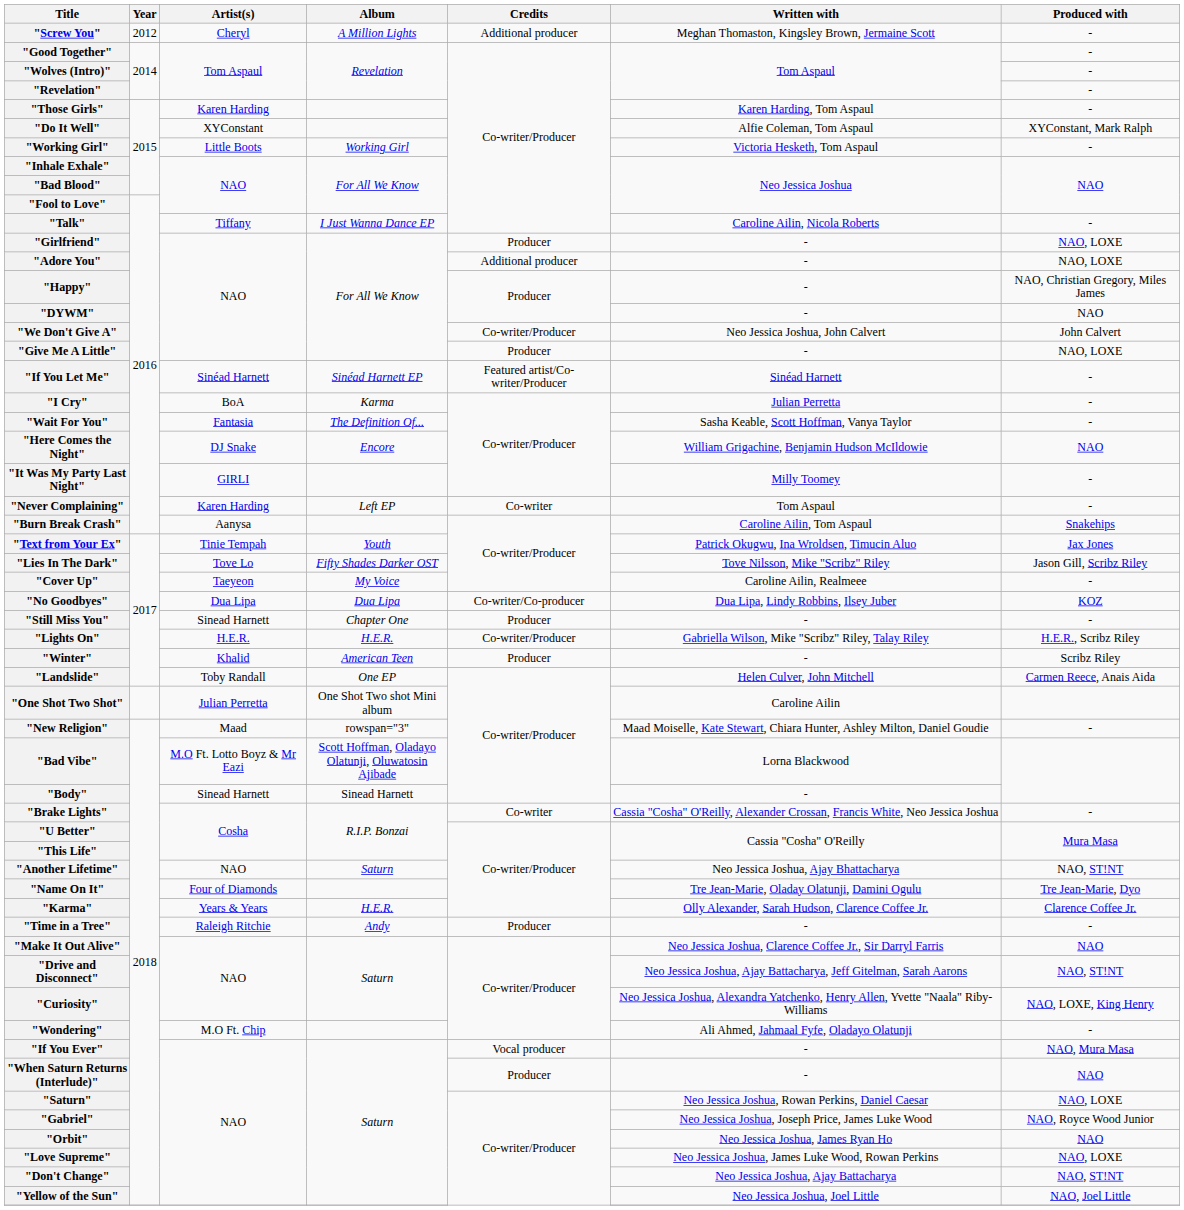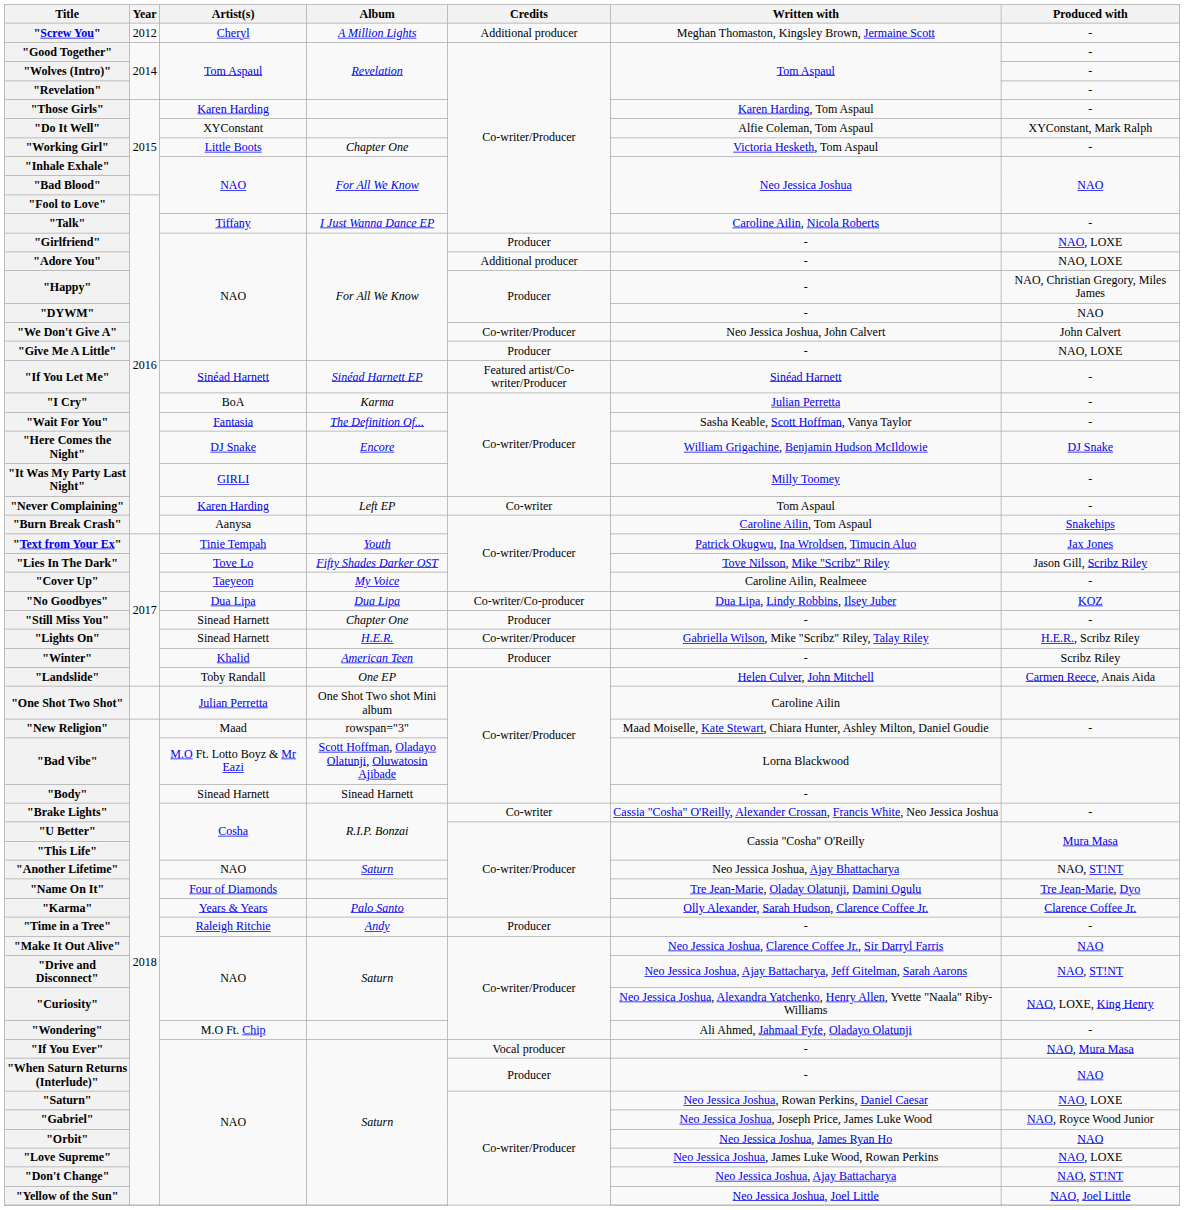 <table class="wikitable plainrowheaders" style="text-align:center;">
 <tr>
 <th scope="col" style="width:160px;">Title</th>
 <th scope="col">Year</th>
 <th scope="col">Artist(s)</th>
 <th scope="col" style="width:180px;">Album</th>
 <th scope="col">Credits</th>
 <th scope="col">Written with</th>
 <th scope="col">Produced with</th>
 </tr>
 <tr>
 <th scope="row">"<a href='#'>Screw You</a>"<br></th>
 <td>2012</td>
 <td><a href='#'>Cheryl</a></td>
 <td><em><a href='#'>A Million Lights</a></em></td>
 <td>Additional producer</td>
 <td>Meghan Thomaston, Kingsley Brown, <a href='#'>Jermaine Scott</a></td>
 <td>-</td>
 </tr>
 <tr>
 <th scope="row">"Good Together"</th>
 <td rowspan="3">2014</td>
 <td rowspan="3"><a href='#'>Tom Aspaul</a></td>
 <td rowspan="3"><em><a href='#'>Revelation</a></em></td>
 <td rowspan="10">Co-writer/Producer</td>
 <td rowspan="3"><a href='#'>Tom Aspaul</a></td>
 <td>-</td>
 </tr>
 <tr>
 <th scope="row">"Wolves (Intro)"</th>
 <td>-</td>
 </tr>
 <tr>
 <th scope="row">"Revelation"</th>
 <td>-</td>
 </tr>
 <tr>
 <th scope="row">"Those Girls"</th>
 <td rowspan="5">2015</td>
 <td><a href='#'>Karen Harding</a></td>
 <td></td>
 <td><a href='#'>Karen Harding</a>, Tom Aspaul</td>
 <td>-</td>
 </tr>
 <tr>
 <th scope="row">"Do It Well"<br></th>
 <td>XYConstant</td>
 <td></td>
 <td>Alfie Coleman, Tom Aspaul</td>
 <td>XYConstant, Mark Ralph</td>
 </tr>
 <tr>
 <th scope="row">"Working Girl"</th>
 <td><a href='#'>Little Boots</a></td>
-<td><em><a href='#'>Working Girl</a></em></td>
+<td><em>Chapter One</em></td>
 <td><a href='#'>Victoria Hesketh</a>, Tom Aspaul</td>
 <td>-</td>
 </tr>
 <tr>
 <th scope="row">"Inhale Exhale"</th>
 <td rowspan="3"><a href='#'>NAO</a></td>
 <td rowspan="3"><em><a href='#'>For All We Know</a></em></td>
 <td rowspan="3"><a href='#'>Neo Jessica Joshua</a></td>
 <td rowspan="3"><a href='#'>NAO</a></td>
 </tr>
 <tr>
 <th scope="row">"Bad Blood"</th>
 </tr>
 <tr>
 <th scope="row">"Fool to Love"</th>
 <td rowspan="15">2016</td>
 </tr>
 <tr>
 <th scope="row">"Talk"</th>
 <td><a href='#'>Tiffany</a></td>
 <td><em><a href='#'>I Just Wanna Dance EP</a></em></td>
 <td><a href='#'>Caroline Ailin</a>, <a href='#'>Nicola Roberts</a></td>
 <td>-</td>
 </tr>
 <tr>
 <th scope="row">"Girlfriend"</th>
 <td rowspan="6">NAO</td>
 <td rowspan="6"><em>For All We Know</em></td>
 <td>Producer</td>
 <td>-</td>
 <td><a href='#'>NAO</a>, LOXE</td>
 </tr>
 <tr>
 <th scope="row">"Adore You"<br></th>
 <td>Additional producer</td>
 <td>-</td>
 <td>NAO, LOXE</td>
 </tr>
 <tr>
 <th scope="row">"Happy"</th>
 <td rowspan="2">Producer</td>
 <td>-</td>
 <td>NAO, Christian Gregory, Miles James</td>
 </tr>
 <tr>
 <th scope="row">"DYWM"</th>
 <td>-</td>
 <td>NAO</td>
 </tr>
 <tr>
 <th scope="row">"We Don't Give A"</th>
 <td>Co-writer/Producer</td>
 <td>Neo Jessica Joshua, John Calvert</td>
 <td>John Calvert</td>
 </tr>
 <tr>
 <th scope="row">"Give Me A Little"</th>
 <td>Producer</td>
 <td>-</td>
 <td>NAO, LOXE</td>
 </tr>
 <tr>
 <th scope="row">"If You Let Me"<br></th>
 <td><a href='#'>Sinéad Harnett</a></td>
 <td><em><a href='#'>Sinéad Harnett EP</a></em></td>
 <td>Featured artist/Co-writer/Producer</td>
 <td><a href='#'>Sinéad Harnett</a></td>
 <td>-</td>
 </tr>
 <tr>
 <th scope="row">"I Cry"</th>
 <td>BoA</td>
 <td><em>Karma</em></td>
 <td rowspan="4">Co-writer/Producer</td>
 <td><a href='#'>Julian Perretta</a></td>
 <td>-</td>
 </tr>
 <tr>
 <th scope="row">"Wait For You"</th>
 <td><a href='#'>Fantasia</a></td>
 <td><em><a href='#'>The Definition Of...</a></em></td>
 <td>Sasha Keable, <a href='#'>Scott Hoffman</a>, Vanya Taylor</td>
 <td>-</td>
 </tr>
 <tr>
 <th scope="row">"Here Comes the Night"<br></th>
 <td><a href='#'>DJ Snake</a></td>
 <td><em><a href='#'>Encore</a></em></td>
 <td><a href='#'>William Grigachine</a>, <a href='#'>Benjamin Hudson McIldowie</a></td>
-<td><a href='#'>NAO</a></td>
+<td><a href='#'>DJ Snake</a></td>
 </tr>
 <tr>
 <th scope="row">"It Was My Party Last Night"</th>
 <td><a href='#'>GIRLI</a></td>
 <td></td>
 <td><a href='#'>Milly Toomey</a></td>
 <td>-</td>
 </tr>
 <tr>
 <th scope="row">"Never Complaining"</th>
 <td><a href='#'>Karen Harding</a></td>
 <td><em>Left EP</em></td>
 <td>Co-writer</td>
 <td>Tom Aspaul</td>
 <td>-</td>
 </tr>
 <tr>
 <th scope="row">"Burn Break Crash"<br></th>
 <td>Aanysa</td>
 <td></td>
 <td rowspan="4">Co-writer/Producer</td>
 <td><a href='#'>Caroline Ailin</a>, Tom Aspaul</td>
 <td><a href='#'>Snakehips</a></td>
 </tr>
 <tr>
 <th scope="row">"<a href='#'>Text from Your Ex</a>"<br></th>
 <td rowspan="8">2017</td>
 <td><a href='#'>Tinie Tempah</a></td>
 <td><em><a href='#'>Youth</a></em></td>
 <td><a href='#'>Patrick Okugwu</a>, <a href='#'>Ina Wroldsen</a>, <a href='#'>Timucin Aluo</a></td>
 <td><a href='#'>Jax Jones</a></td>
 </tr>
 <tr>
 <th scope="row">"Lies In The Dark"</th>
 <td><a href='#'>Tove Lo</a></td>
 <td><em><a href='#'>Fifty Shades Darker OST</a></em></td>
 <td><a href='#'>Tove Nilsson</a>, <a href='#'>Mike "Scribz" Riley</a></td>
 <td>Jason Gill, <a href='#'>Scribz Riley</a></td>
 </tr>
 <tr>
 <th scope="row">"Cover Up"</th>
 <td><a href='#'>Taeyeon</a></td>
 <td><em><a href='#'>My Voice</a></em></td>
 <td>Caroline Ailin, Realmeee</td>
 <td>-</td>
 </tr>
 <tr>
 <th scope="row">"No Goodbyes"</th>
 <td><a href='#'>Dua Lipa</a></td>
 <td><em><a href='#'>Dua Lipa</a></em></td>
 <td>Co-writer/Co-producer</td>
 <td><a href='#'>Dua Lipa</a>, <a href='#'>Lindy Robbins</a>, <a href='#'>Ilsey Juber</a></td>
 <td><a href='#'>KOZ</a></td>
 </tr>
 <tr>
 <th scope="row">"Still Miss You"</th>
 <td>Sinead Harnett</td>
 <td><em>Chapter One</em></td>
 <td>Producer</td>
 <td>-</td>
 <td>-</td>
 </tr>
 <tr>
 <th scope="row">"Lights On"</th>
-<td><a href='#'>H.E.R.</a></td>
+<td>Sinead Harnett</td>
 <td><em><a href='#'>H.E.R.</a></em></td>
 <td>Co-writer/Producer</td>
 <td><a href='#'>Gabriella Wilson</a>, Mike "Scribz" Riley, <a href='#'>Talay Riley</a></td>
 <td><a href='#'>H.E.R.</a>, Scribz Riley</td>
 </tr>
 <tr>
 <th scope="row">"Winter"</th>
 <td><a href='#'>Khalid</a></td>
 <td><em><a href='#'>American Teen</a></em></td>
 <td>Producer</td>
 <td>-</td>
 <td>Scribz Riley</td>
 </tr>
 <tr>
 <th scope="row">"Landslide"<br></th>
 <td>Toby Randall</td>
 <td><em>One EP</em></td>
 <td rowspan="5">Co-writer/Producer</td>
 <td><a href='#'>Helen Culver</a>, <a href='#'>John Mitchell</a></td>
 <td><a href='#'>Carmen Reece</a>, Anais Aida</td>
 </tr>
 <tr>
 <th scope="row">"One Shot Two Shot"</th>
 <td></td>
 <td><a href='#'>Julian Perretta</a></td>
 <td>One Shot Two shot Mini album</td>
 <td>Caroline Ailin</td>
 <td></td>
 </tr>
 <tr>
 <th scope="row">"New Religion"</th>
 <td rowspan="22">2018</td>
 <td>Maad</td>
 <td>rowspan="3" </td>
 <td>Maad Moiselle, <a href='#'>Kate Stewart</a>, Chiara Hunter, Ashley Milton, Daniel Goudie</td>
 <td>-</td>
 </tr>
 <tr>
 <th scope="row">"Bad Vibe"</th>
 <td><a href='#'>M.O</a> Ft. Lotto Boyz & <a href='#'>Mr Eazi</a></td>
 <td><a href='#'>Scott Hoffman</a>, <a href='#'>Oladayo Olatunji</a>, <a href='#'>Oluwatosin Ajibade</a></td>
 <td>Lorna Blackwood</td>
 </tr>
 <tr>
 <th scope="row">"Body"</th>
 <td>Sinead Harnett</td>
 <td>Sinead Harnett</td>
 <td>-</td>
 </tr>
 <tr>
 <th scope="row">"Brake Lights"<br></th>
 <td rowspan="3"><a href='#'>Cosha</a></td>
 <td rowspan="3"><em>R.I.P. Bonzai</em></td>
 <td>Co-writer</td>
 <td><a href='#'>Cassia "Cosha" O'Reilly</a>, <a href='#'>Alexander Crossan</a>, <a href='#'>Francis White</a>, Neo Jessica Joshua</td>
 <td>-</td>
 </tr>
 <tr>
 <th scope="row">"U Better"</th>
 <td rowspan="5">Co-writer/Producer</td>
 <td rowspan="2">Cassia "Cosha" O'Reilly</td>
 <td rowspan="2"><a href='#'>Mura Masa</a></td>
 </tr>
 <tr>
 <th scope="row">"This Life"</th>
 </tr>
 <tr>
 <th scope="row">"Another Lifetime"</th>
 <td>NAO</td>
 <td><em><a href='#'>Saturn</a></em></td>
 <td>Neo Jessica Joshua, <a href='#'>Ajay Bhattacharya</a></td>
 <td>NAO, <a href='#'>ST!NT</a></td>
 </tr>
 <tr>
 <th scope="row">"Name On It"<br></th>
 <td><a href='#'>Four of Diamonds</a></td>
 <td></td>
 <td><a href='#'>Tre Jean-Marie</a>, <a href='#'>Oladay Olatunji</a>, <a href='#'>Damini Ogulu</a></td>
 <td><a href='#'>Tre Jean-Marie</a>, <a href='#'>Dyo</a></td>
 </tr>
 <tr>
 <th scope="row">"Karma"</th>
 <td><a href='#'>Years & Years</a></td>
-<td><em><a href='#'>H.E.R.</a></em></td>
+<td><em><a href='#'>Palo Santo</a></em></td>
 <td><a href='#'>Olly Alexander</a>, <a href='#'>Sarah Hudson</a>, <a href='#'>Clarence Coffee Jr.</a></td>
 <td><a href='#'>Clarence Coffee Jr.</a></td>
 </tr>
 <tr>
 <th scope="row">"Time in a Tree"</th>
 <td><a href='#'>Raleigh Ritchie</a></td>
 <td><em><a href='#'>Andy</a></em></td>
 <td>Producer</td>
 <td>-</td>
 <td>-</td>
 </tr>
 <tr>
 <th scope="row">"Make It Out Alive"<br></th>
 <td rowspan="3">NAO</td>
 <td rowspan="3"><em>Saturn</em></td>
 <td rowspan="4">Co-writer/Producer</td>
 <td><a href='#'>Neo Jessica Joshua</a>, <a href='#'>Clarence Coffee Jr.</a>, <a href='#'>Sir Darryl Farris</a></td>
 <td><a href='#'>NAO</a></td>
 </tr>
 <tr>
 <th scope="row">"Drive and Disconnect"</th>
 <td><a href='#'>Neo Jessica Joshua</a>, <a href='#'>Ajay Battacharya</a>, <a href='#'>Jeff Gitelman</a>, <a href='#'>Sarah Aarons</a></td>
 <td><a href='#'>NAO</a>, <a href='#'>ST!NT</a></td>
 </tr>
 <tr>
 <th scope="row">"Curiosity"</th>
 <td><a href='#'>Neo Jessica Joshua</a>, <a href='#'>Alexandra Yatchenko</a>, <a href='#'>Henry Allen</a>, Yvette "Naala" Riby-Williams</td>
 <td><a href='#'>NAO</a>, LOXE, <a href='#'>King Henry</a></td>
 </tr>
 <tr>
 <th scope="row">"Wondering"</th>
 <td>M.O Ft. <a href='#'>Chip</a></td>
 <td></td>
 <td>Ali Ahmed, <a href='#'>Jahmaal Fyfe</a>, <a href='#'>Oladayo Olatunji</a></td>
 <td>-</td>
 </tr>
 <tr>
 <th scope="row">"If You Ever"</th>
 <td rowspan="8">NAO</td>
 <td rowspan="8"><em>Saturn</em></td>
 <td>Vocal producer</td>
 <td>-</td>
 <td><a href='#'>NAO</a>, <a href='#'>Mura Masa</a></td>
 </tr>
 <tr>
 <th scope="row">"When Saturn Returns (Interlude)"</th>
 <td>Producer</td>
 <td>-</td>
 <td><a href='#'>NAO</a></td>
 </tr>
 <tr>
 <th scope="row">"Saturn"<br></th>
 <td rowspan="7">Co-writer/Producer</td>
 <td><a href='#'>Neo Jessica Joshua</a>, Rowan Perkins, <a href='#'>Daniel Caesar</a></td>
 <td><a href='#'>NAO</a>, LOXE</td>
 </tr>
 <tr>
 <th scope="row">"Gabriel"</th>
 <td><a href='#'>Neo Jessica Joshua</a>, Joseph Price, James Luke Wood</td>
 <td><a href='#'>NAO</a>, Royce Wood Junior</td>
 </tr>
 <tr>
 <th scope="row">"Orbit"</th>
 <td><a href='#'>Neo Jessica Joshua</a>, <a href='#'>James Ryan Ho</a></td>
 <td><a href='#'>NAO</a></td>
 </tr>
 <tr>
 <th scope="row">"Love Supreme"</th>
 <td><a href='#'>Neo Jessica Joshua</a>, James Luke Wood, Rowan Perkins</td>
 <td><a href='#'>NAO</a>, LOXE</td>
 </tr>
 <tr>
 <th scope="row">"Don't Change"</th>
 <td><a href='#'>Neo Jessica Joshua</a>, <a href='#'>Ajay Battacharya</a></td>
 <td><a href='#'>NAO</a>, <a href='#'>ST!NT</a></td>
 </tr>
 <tr>
 <th scope="row">"Yellow of the Sun"</th>
 <td><a href='#'>Neo Jessica Joshua</a>, <a href='#'>Joel Little</a></td>
 <td><a href='#'>NAO</a>, <a href='#'>Joel Little</a></td>
 </tr>
 <tr>
 </tr>
 </table>
